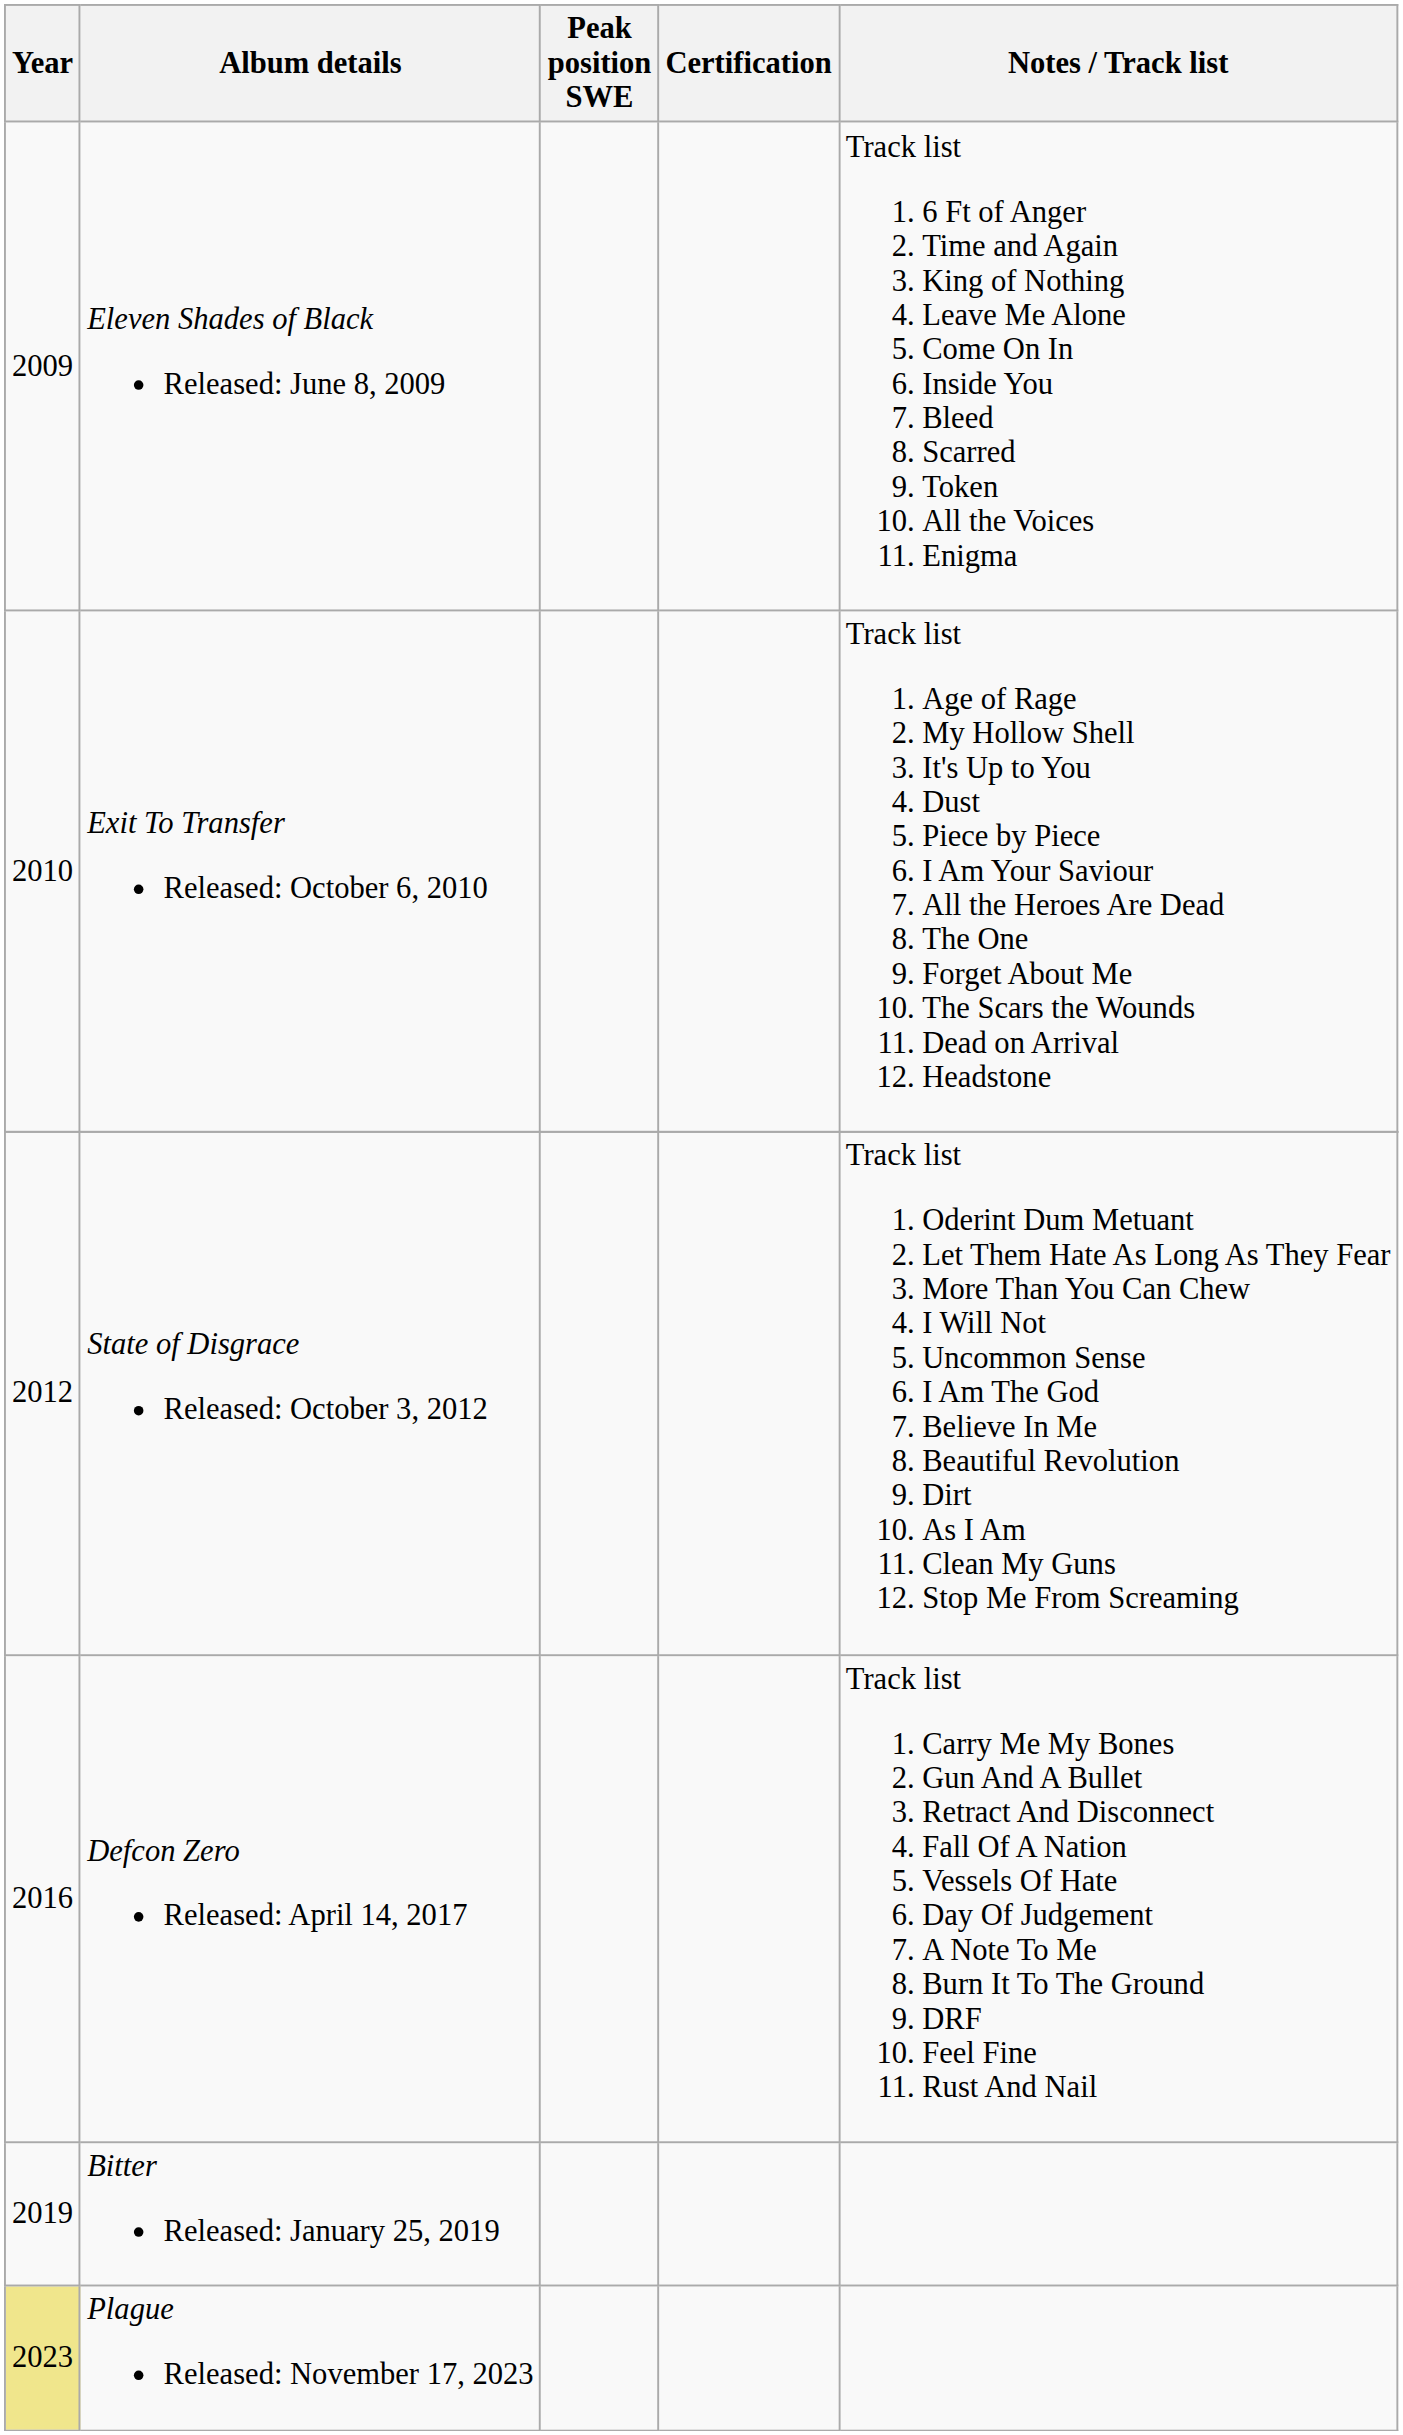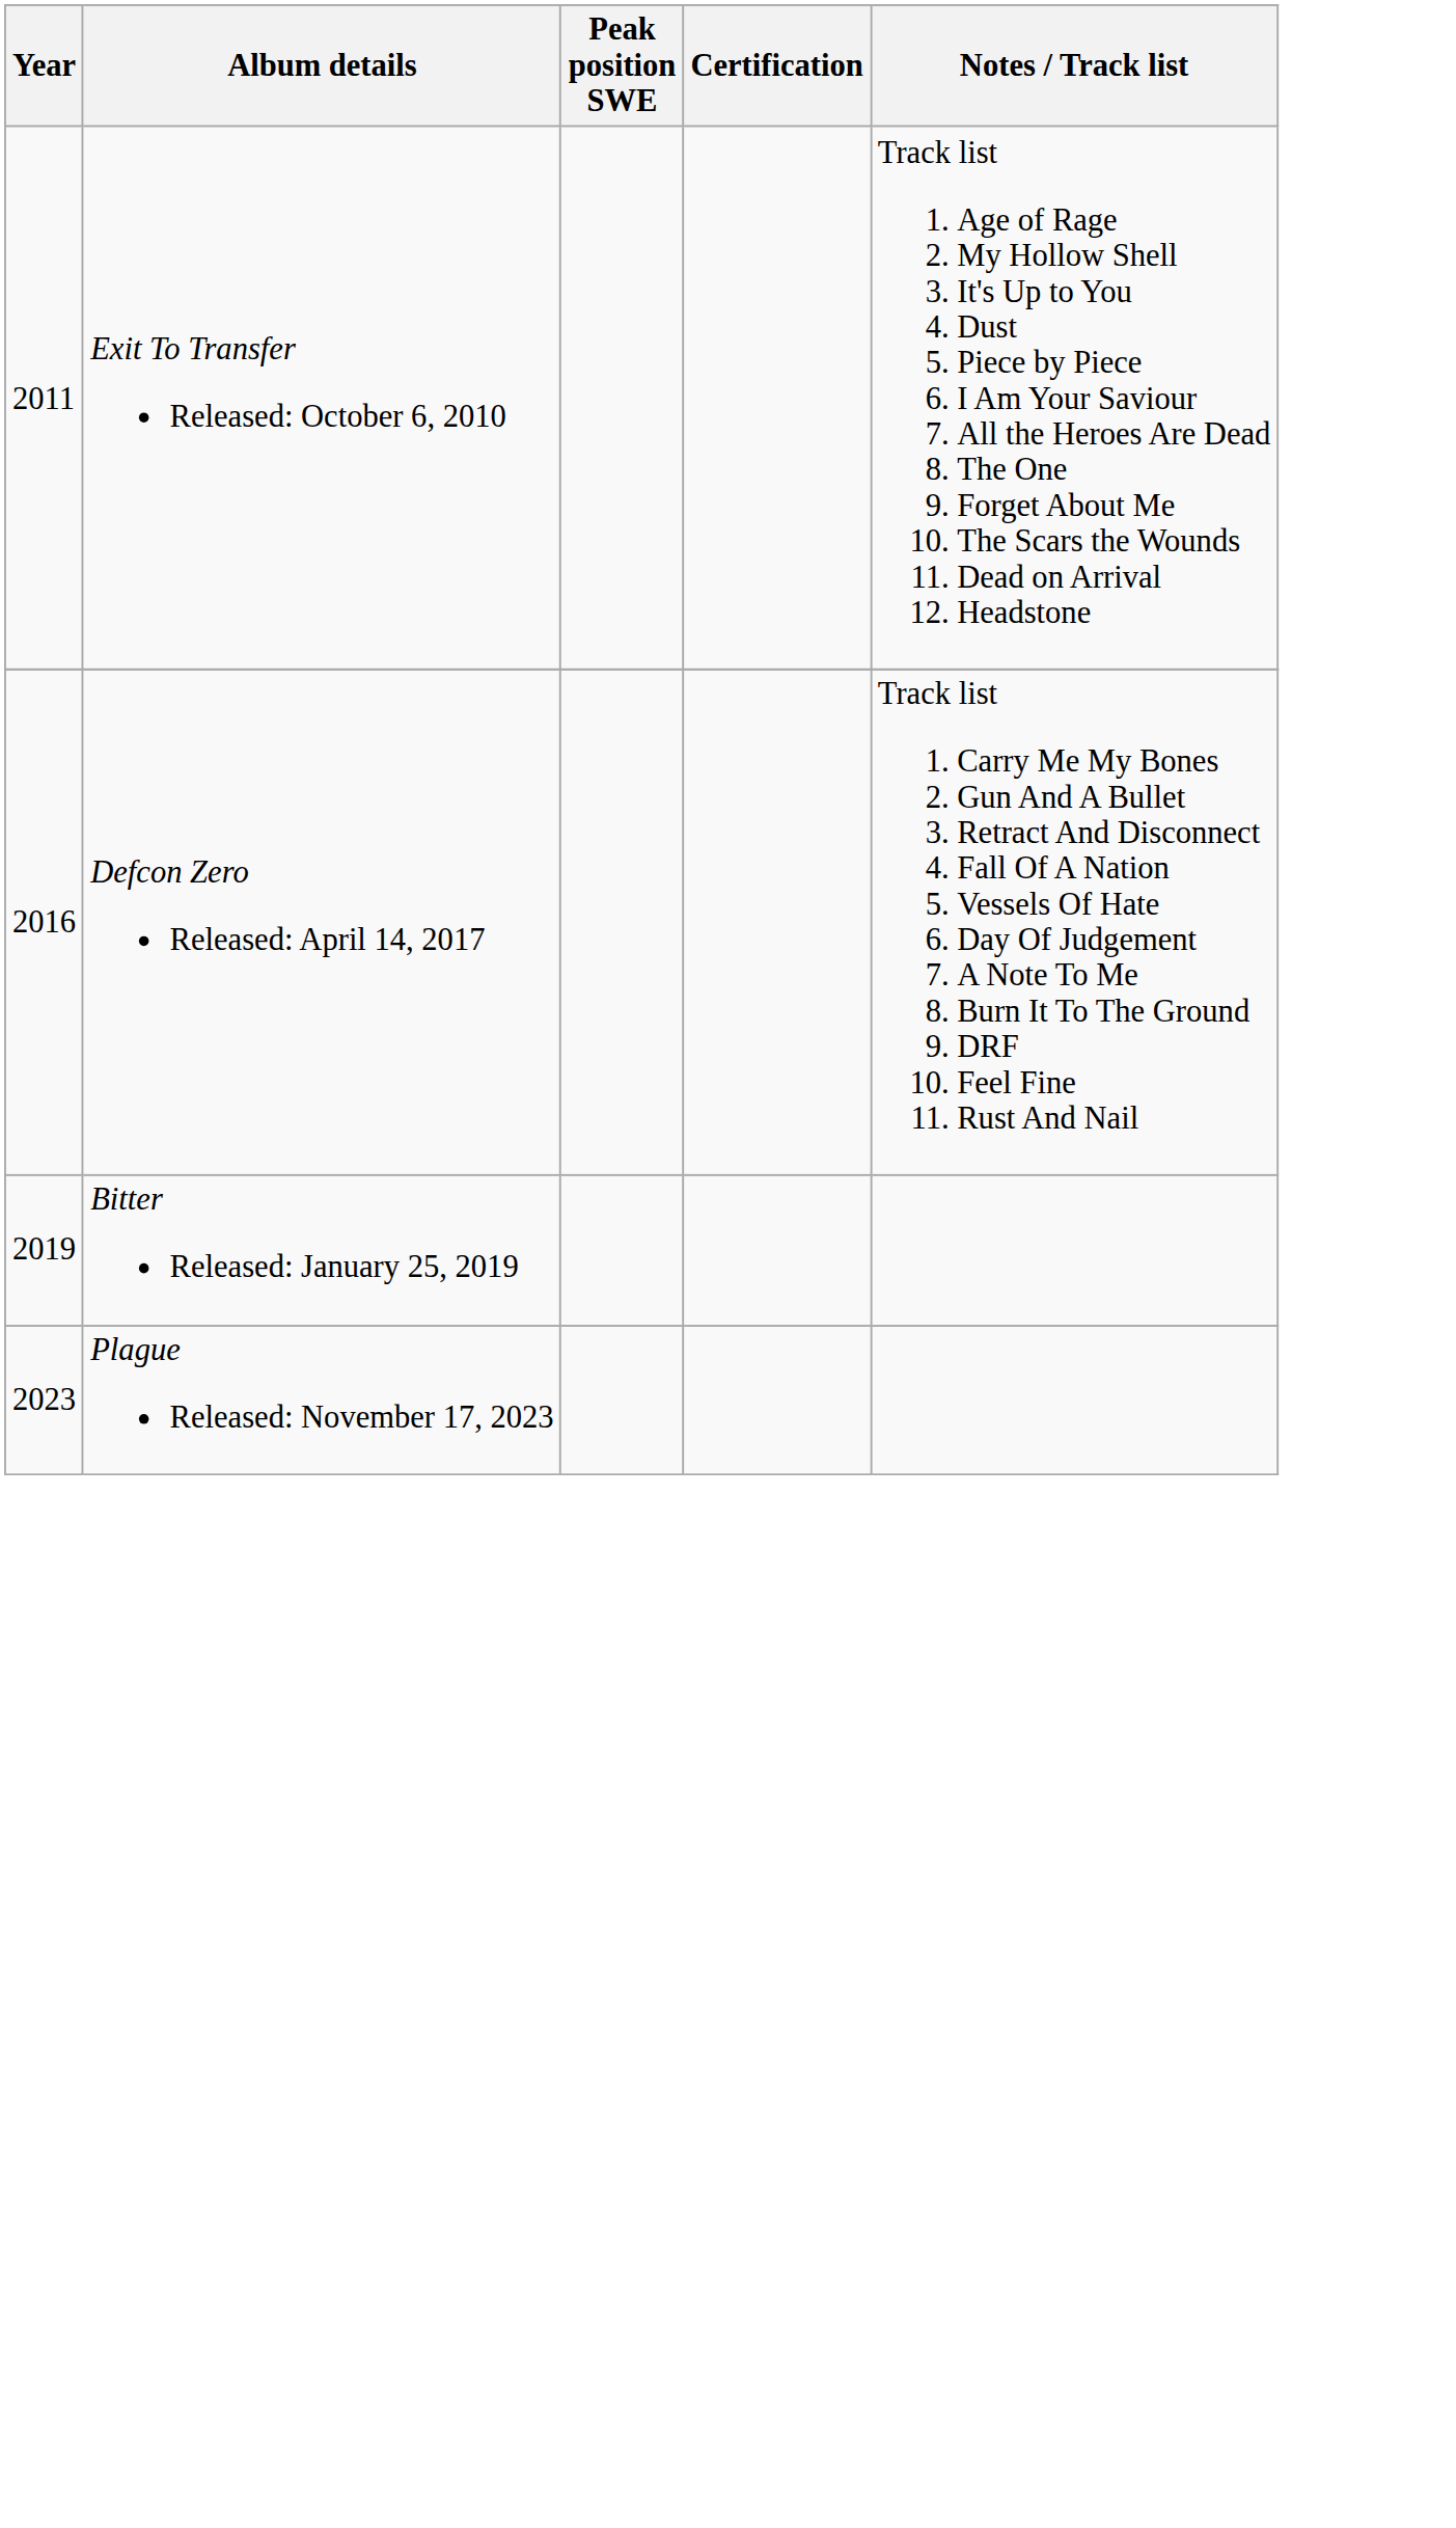 <table class="wikitable" border="1">
 <tr>
 <th rowspan="1">Year</th>
 <th rowspan="1">Album details</th>
 <th>Peak <br>position<br>SWE</th>
 <th>Certification</th>
 <th>Notes / Track list</th>
 </tr>
 <tr>
-<td>2009</td>
-<td align="left"><em>Eleven Shades of Black</em><br><ul><li>Released: June 8, 2009</li></ul></td>
-<td></td>
-<td></td>
-<td>Track list<br><ol><li>6 Ft of Anger</li><li>Time and Again</li><li>King of Nothing</li><li>Leave Me Alone</li><li>Come On In</li><li>Inside You</li><li>Bleed</li><li>Scarred</li><li>Token</li><li>All the Voices</li><li>Enigma</li></ol></td>
-</tr>
-<tr>
-<td>2010</td>
+<td>2011</td>
 <td align="left"><em>Exit To Transfer</em><br><ul><li>Released: October 6, 2010</li></ul></td>
 <td></td>
 <td></td>
 <td>Track list<br><ol><li>Age of Rage</li><li>My Hollow Shell</li><li>It's Up to You</li><li>Dust</li><li>Piece by Piece</li><li>I Am Your Saviour</li><li>All the Heroes Are Dead</li><li>The One</li><li>Forget About Me</li><li>The Scars the Wounds</li><li>Dead on Arrival</li><li>Headstone</li></ol></td>
 </tr>
 <tr>
-</tr>
-<tr>
-<td>2012</td>
-<td align="left"><em>State of Disgrace</em><br><ul><li>Released: October 3, 2012</li></ul></td>
-<td></td>
-<td></td>
-<td>Track list<br><ol><li>Oderint Dum Metuant</li><li>Let Them Hate As Long As They Fear</li><li>More Than You Can Chew</li><li>I Will Not</li><li>Uncommon Sense</li><li>I Am The God</li><li>Believe In Me</li><li>Beautiful Revolution</li><li>Dirt</li><li>As I Am</li><li>Clean My Guns</li><li>Stop Me From Screaming</li></ol></td>
 </tr>
 <tr>
 <td>2016</td>
 <td><em>Defcon Zero</em><br><ul><li>Released: April 14, 2017</li></ul></td>
 <td></td>
 <td></td>
 <td>Track list<br><ol><li>Carry Me My Bones</li><li>Gun And A Bullet</li><li>Retract And Disconnect</li><li>Fall Of A Nation</li><li>Vessels Of Hate</li><li>Day Of Judgement</li><li>A Note To Me</li><li>Burn It To The Ground</li><li>DRF</li><li>Feel Fine</li><li>Rust And Nail</li></ol></td>
 </tr>
 <tr>
 <td>2019</td>
 <td><em>Bitter</em><br><ul><li>Released: January 25, 2019</li></ul></td>
 <td></td>
 <td></td>
 <td></td>
 </tr>
 <tr>
-<td style="background: khaki;">2023</td>
+<td>2023</td>
 <td><em>Plague</em><br><ul><li>Released: November 17, 2023</li></ul></td>
 <td></td>
 <td></td>
 <td></td>
 </tr>
 </table>
